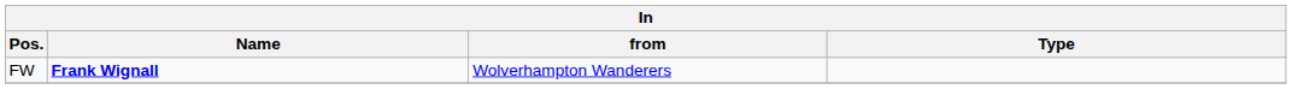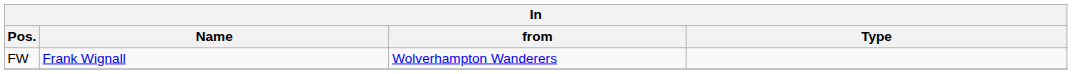 <table class="wikitable" style="font-size:100%;width:99%;">
 <tr>
 <th colspan="4">In</th>
 </tr>
 <tr>
 <th width=3%>Pos.</th>
 <th width=33%>Name</th>
 <th width=28%>from</th>
 <th width=36%>Type</th>
 </tr>
 <tr>
 <td>FW</td>
-<td><strong><a href='#'>Frank Wignall</a></strong></td>
+<td><a href='#'>Frank Wignall</a></td>
 <td><a href='#'>Wolverhampton Wanderers</a></td>
 <td></td>
 </tr>
 <tr>
 </tr>
 </table>
